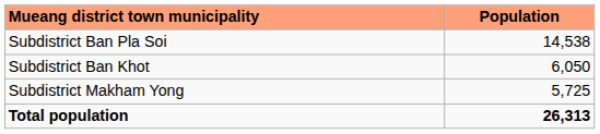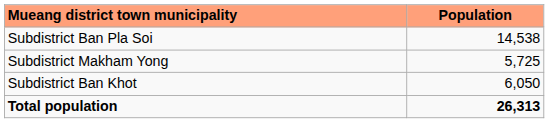 <table class="wikitable" style="width:48%; display:inline-table;">
 <tr>
 <td style= "background: #ffa07a;"><strong>Mueang district town municipality</strong></td>
 <td style= "background: #ffa07a; text-align:center;"><strong>Population</strong></td>
 </tr>
 <tr>
 <td>Subdistrict Ban Pla Soi</td>
 <td style="text-align:right;">14,538</td>
 </tr>
 <tr>
+<td>Subdistrict Makham Yong</td>
+<td style="text-align:right;">5,725</td>
+</tr>
+<tr>
 <td>Subdistrict Ban Khot</td>
 <td style="text-align:right;">6,050</td>
-</tr>
-<tr>
-<td>Subdistrict Makham Yong</td>
-<td style="text-align:right;">5,725</td>
 </tr>
 <tr>
 <td><strong>Total population</strong></td>
 <td style="text-align:right;"><strong>26,313</strong></td>
 </tr>
 </table>
